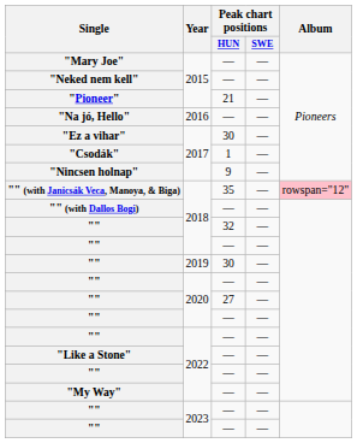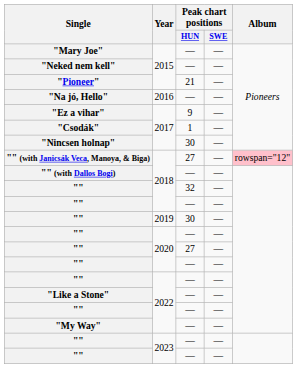 <table class="wikitable plainrowheaders" style="text-align:center;">
 <tr>
 <th scope="col" rowspan="2">Single</th>
 <th scope="col" rowspan="2">Year</th>
 <th scope="col" colspan="2">Peak chart positions</th>
 <th scope="col" rowspan="2">Album</th>
 </tr>
 <tr>
 <th scope="col" style="width:3em;font-size:85%;"><a href='#'>HUN</a><br></th>
 <th scope="col" style="width:3em;font-size:85%;"><a href='#'>SWE</a></th>
 </tr>
 <tr>
 <th scope="row">"Mary Joe"</th>
 <td rowspan="3">2015</td>
 <td>—</td>
 <td>—</td>
 <td rowspan="7"><em>Pioneers</em></td>
 </tr>
 <tr>
 <th scope="row">"Neked nem kell"</th>
 <td>—</td>
 <td>—</td>
 </tr>
 <tr>
 <th scope="row">"<a href='#'>Pioneer</a>"</th>
 <td>21</td>
 <td>—</td>
 </tr>
 <tr>
 <th scope="row">"Na jó, Hello"</th>
 <td rowspan="1">2016</td>
 <td>—</td>
 <td>—</td>
 </tr>
 <tr>
 <th scope="row">"Ez a vihar"</th>
 <td rowspan="3">2017</td>
-<td>30</td>
+<td>9</td>
 <td>—</td>
 </tr>
 <tr>
 <th scope="row">"Csodák"</th>
 <td>1</td>
 <td>—</td>
 </tr>
 <tr>
 <th scope="row">"Nincsen holnap"</th>
-<td>9</td>
+<td>30</td>
 <td>—</td>
 </tr>
 <tr>
 <th scope="row">"" <small>(with <a href='#'>Janicsák Veca</a>, Manoya, & Biga)</small></th>
 <td rowspan="4">2018</td>
-<td>35</td>
+<td>27</td>
 <td>—</td>
 <td style="background: pink;">rowspan="12" </td>
 </tr>
 <tr>
 <th scope="row">"" <small>(with <a href='#'>Dallos Bogi</a>)</small></th>
 <td>—</td>
 <td>—</td>
 </tr>
 <tr>
 <th scope="row">""</th>
 <td>32</td>
 <td>—</td>
 </tr>
 <tr>
 <th scope="row">""</th>
 <td>—</td>
 <td>—</td>
 </tr>
 <tr>
 <th scope="row">""</th>
 <td>2019</td>
 <td>30</td>
 <td>—</td>
 </tr>
 <tr>
 <th scope="row">""</th>
 <td rowspan="3">2020</td>
 <td>—</td>
 <td>—</td>
 </tr>
 <tr>
 <th scope="row">""</th>
 <td>27</td>
 <td>—</td>
 </tr>
 <tr>
 <th scope="row">""</th>
 <td>—</td>
 <td>—</td>
 </tr>
 <tr>
 <th scope="row">""</th>
 <td rowspan="4">2022</td>
 <td>—</td>
 <td>—</td>
 </tr>
 <tr>
 <th scope="row">"Like a Stone"</th>
 <td>—</td>
 <td>—</td>
 </tr>
 <tr>
 <th scope="row">""</th>
 <td>—</td>
 <td>—</td>
 </tr>
 <tr>
 <th scope="row">"My Way"</th>
 <td>—</td>
 <td>—</td>
 </tr>
 <tr>
 <th scope="row">""</th>
 <td rowspan="2">2023</td>
 <td>—</td>
 <td>—</td>
 <td rowspan="2"></td>
 </tr>
 <tr>
 <th scope="row">""</th>
 <td>—</td>
 <td>—</td>
 </tr>
 </table>
